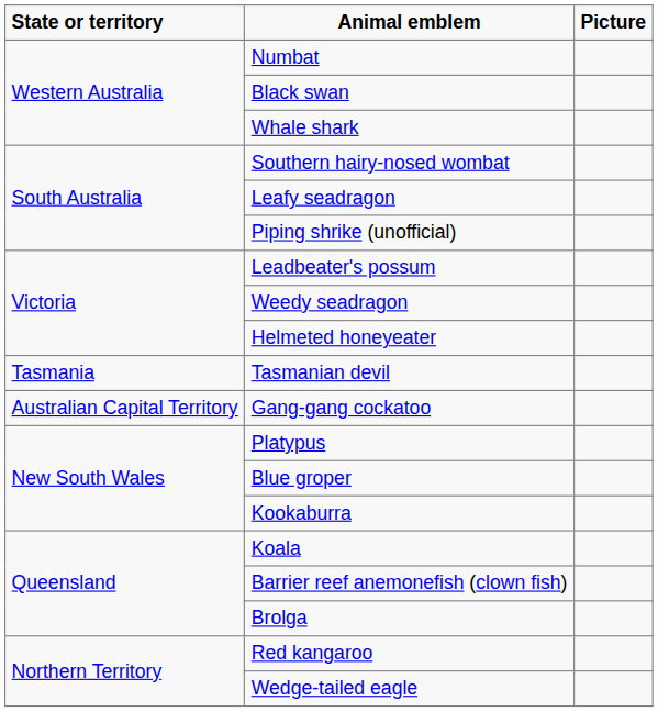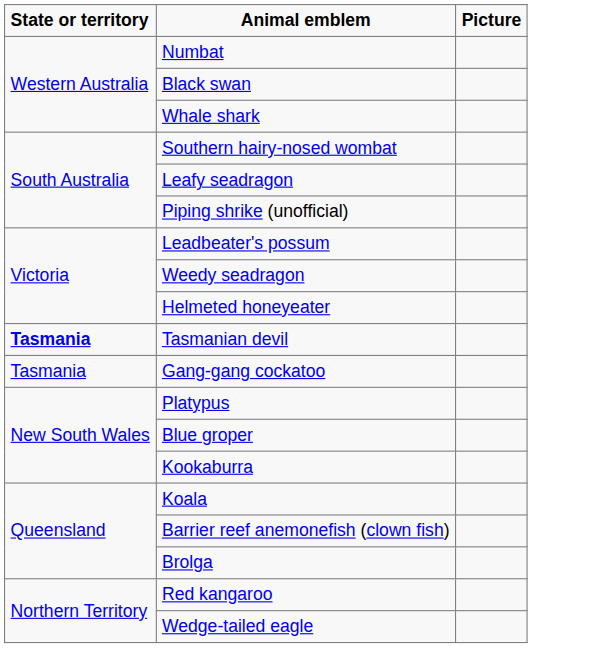 <table border=1 cellspacing=0 cellpadding=5 style="border-collapse: collapse; background:#f8f8f8;">
 <tr>
 <th align=left>State or territory</th>
 <th>Animal emblem</th>
 <td><strong>Picture</strong></td>
 </tr>
 <tr>
 <td rowspan="3"> <a href='#'>Western Australia</a></td>
 <td><a href='#'>Numbat</a></td>
 <td></td>
 </tr>
 <tr>
 <td><a href='#'>Black swan</a></td>
 <td></td>
 </tr>
 <tr>
 <td><a href='#'>Whale shark</a></td>
 <td></td>
 </tr>
 <tr>
 <td rowspan="3"> <a href='#'>South Australia</a></td>
 <td><a href='#'>Southern hairy-nosed wombat</a></td>
 <td></td>
 </tr>
 <tr>
 <td><a href='#'>Leafy seadragon</a></td>
 <td></td>
 </tr>
 <tr>
 <td><a href='#'>Piping shrike</a> (unofficial) </td>
 <td></td>
 </tr>
 <tr>
 <td rowspan="3"> <a href='#'>Victoria</a></td>
 <td><a href='#'>Leadbeater's possum</a></td>
 <td></td>
 </tr>
 <tr>
 <td><a href='#'>Weedy seadragon</a></td>
 <td></td>
 </tr>
 <tr>
 <td><a href='#'>Helmeted honeyeater</a></td>
 <td></td>
 </tr>
 <tr>
-<td> <a href='#'>Tasmania</a></td>
+<td><strong> <a href='#'>Tasmania</a></strong></td>
 <td><a href='#'>Tasmanian devil</a></td>
 <td></td>
 </tr>
 <tr>
-<td> <a href='#'>Australian Capital Territory</a></td>
+<td> <a href='#'>Tasmania</a></td>
 <td><a href='#'>Gang-gang cockatoo</a></td>
 <td></td>
 </tr>
 <tr>
 <td rowspan="3"> <a href='#'>New South Wales</a></td>
 <td><a href='#'>Platypus</a></td>
 <td></td>
 </tr>
 <tr>
 <td><a href='#'>Blue groper</a></td>
 <td></td>
 </tr>
 <tr>
 <td><a href='#'>Kookaburra</a></td>
 <td></td>
 </tr>
 <tr>
 <td rowspan="3"> <a href='#'>Queensland</a></td>
 <td><a href='#'>Koala</a></td>
 <td></td>
 </tr>
 <tr>
 <td><a href='#'>Barrier reef anemonefish</a> (<a href='#'>clown fish</a>)</td>
 <td></td>
 </tr>
 <tr>
 <td><a href='#'>Brolga</a></td>
 <td></td>
 </tr>
 <tr>
 <td rowspan="2"> <a href='#'>Northern Territory</a></td>
 <td><a href='#'>Red kangaroo</a></td>
 <td></td>
 </tr>
 <tr>
 <td><a href='#'>Wedge-tailed eagle</a></td>
 <td></td>
 </tr>
 </table>
